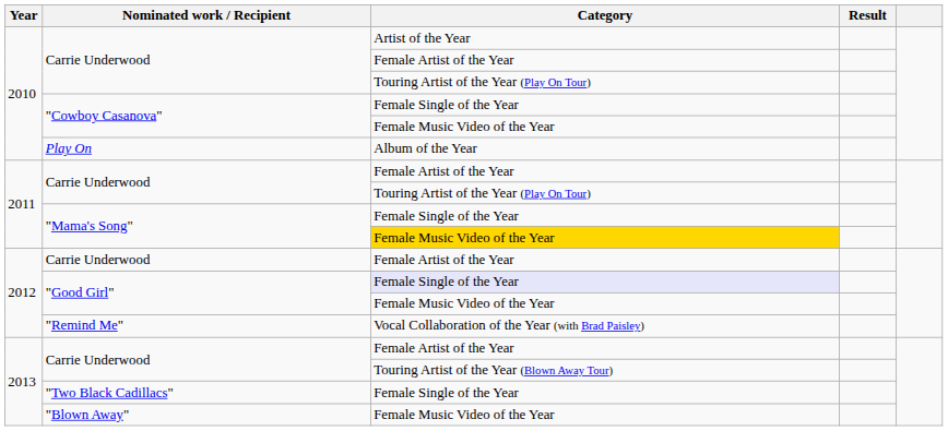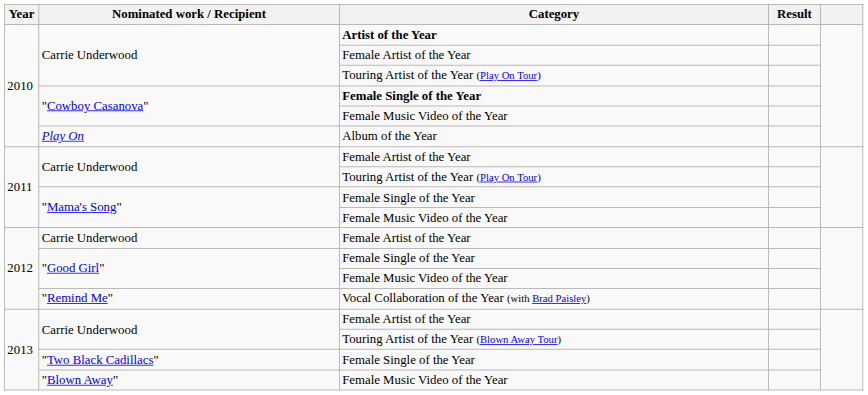 <table class="wikitable plainrowheaders" style="width:85%;">
 <tr>
 <th scope="col" style="width:4%;">Year</th>
 <th scope="col" style="width:35%;">Nominated work / Recipient</th>
 <th scope="col" style="width:50%;">Category</th>
 <th scope="col" style="width:6%;">Result</th>
 <th scope="col" style="width:6%;"></th>
 </tr>
 <tr>
 <td rowspan=6>2010</td>
 <td rowspan=3>Carrie Underwood</td>
-<td>Artist of the Year</td>
+<td><strong>Artist of the Year</strong></td>
 <td></td>
 <td rowspan="6"></td>
 </tr>
 <tr>
 <td>Female Artist of the Year</td>
 <td></td>
 </tr>
 <tr>
 <td>Touring Artist of the Year <small>(<a href='#'>Play On Tour</a>)</small></td>
 <td></td>
 </tr>
 <tr>
 <td rowspan=2>"<a href='#'>Cowboy Casanova</a>"</td>
-<td>Female Single of the Year</td>
+<td><strong>Female Single of the Year</strong></td>
 <td></td>
 </tr>
 <tr>
 <td>Female Music Video of the Year</td>
 <td></td>
 </tr>
 <tr>
 <td><em><a href='#'>Play On</a></em></td>
 <td>Album of the Year</td>
 <td></td>
 </tr>
 <tr>
 <td rowspan=4>2011</td>
 <td rowspan=2>Carrie Underwood</td>
 <td>Female Artist of the Year</td>
 <td></td>
 <td rowspan=4></td>
 </tr>
 <tr>
 <td>Touring Artist of the Year <small>(<a href='#'>Play On Tour</a>)</small></td>
 <td></td>
 </tr>
 <tr>
 <td rowspan=2>"<a href='#'>Mama's Song</a>"</td>
 <td>Female Single of the Year</td>
 <td></td>
 </tr>
 <tr>
-<td style="background: gold;">Female Music Video of the Year</td>
+<td>Female Music Video of the Year</td>
 <td></td>
 </tr>
 <tr>
 <td rowspan=4>2012</td>
 <td>Carrie Underwood</td>
 <td>Female Artist of the Year</td>
 <td></td>
 <td rowspan=4></td>
 </tr>
 <tr>
 <td rowspan=2>"<a href='#'>Good Girl</a>"</td>
-<td style="background: lavender;">Female Single of the Year</td>
+<td>Female Single of the Year</td>
 <td></td>
 </tr>
 <tr>
 <td>Female Music Video of the Year</td>
 <td></td>
 </tr>
 <tr>
 <td>"<a href='#'>Remind Me</a>"</td>
 <td>Vocal Collaboration of the Year <small>(with <a href='#'>Brad Paisley</a>)</small></td>
 <td></td>
 </tr>
 <tr>
 <td rowspan=4>2013</td>
 <td rowspan=2>Carrie Underwood</td>
 <td>Female Artist of the Year</td>
 <td></td>
 <td rowspan=4></td>
 </tr>
 <tr>
 <td>Touring Artist of the Year <small>(<a href='#'>Blown Away Tour</a>)</small></td>
 <td></td>
 </tr>
 <tr>
 <td>"<a href='#'>Two Black Cadillacs</a>"</td>
 <td>Female Single of the Year</td>
 <td></td>
 </tr>
 <tr>
 <td>"<a href='#'>Blown Away</a>"</td>
 <td>Female Music Video of the Year</td>
 <td></td>
 </tr>
 </table>
